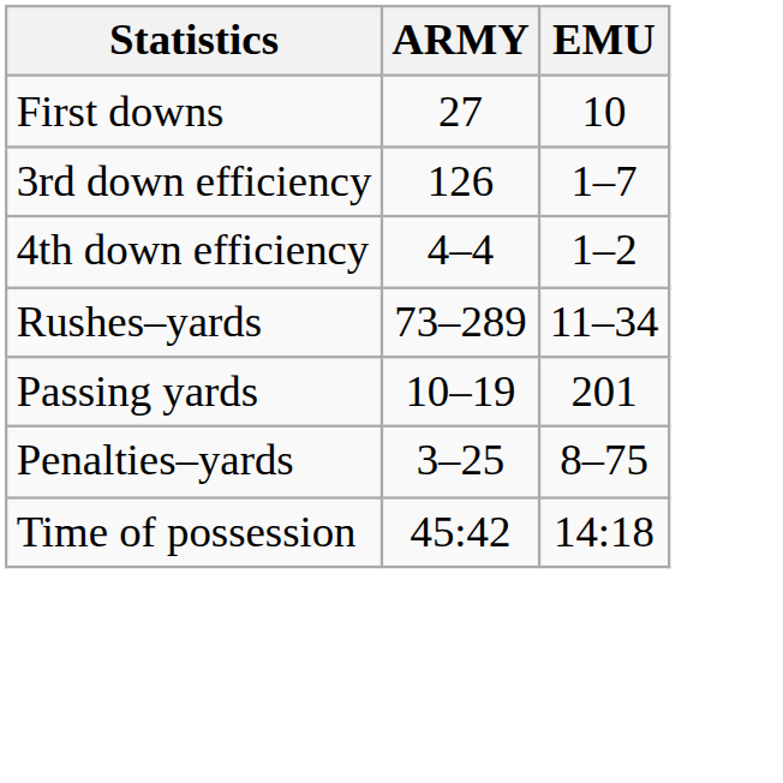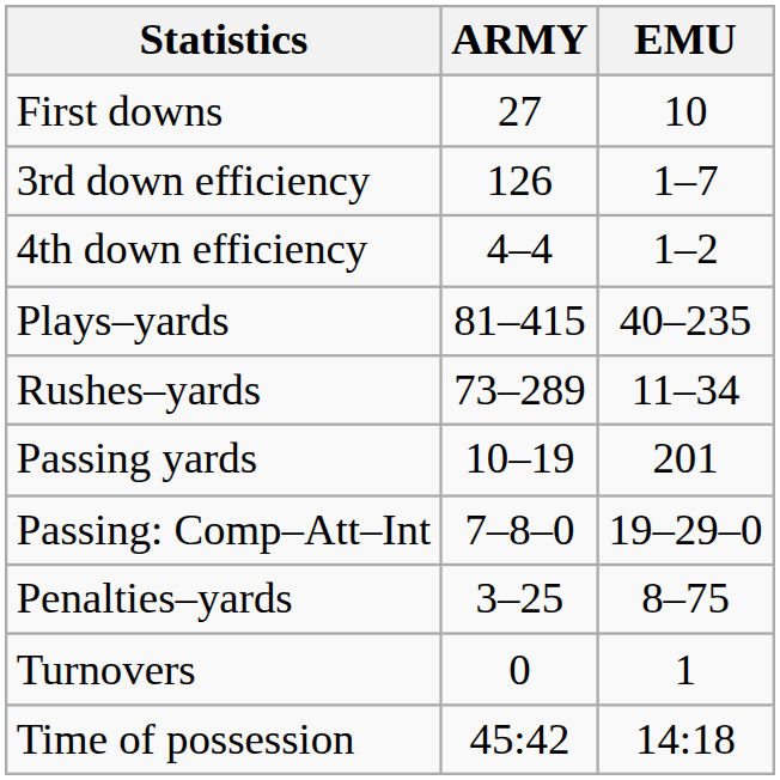 <table class="wikitable">
 <tr>
 <th>Statistics</th>
 <th>ARMY</th>
 <th>EMU</th>
 </tr>
 <tr>
 <td>First downs</td>
 <td align=center>27</td>
 <td align=center>10</td>
 </tr>
 <tr>
 <td>3rd down efficiency</td>
 <td align=center>126</td>
 <td align=center>1–7</td>
 </tr>
 <tr>
 <td>4th down efficiency</td>
 <td align=center>4–4</td>
 <td align=center>1–2</td>
 </tr>
 <tr>
+<td>Plays–yards</td>
+<td align=center>81–415</td>
+<td align=center>40–235</td>
+</tr>
+<tr>
 <td>Rushes–yards</td>
 <td align=center>73–289</td>
 <td align=center>11–34</td>
 </tr>
 <tr>
 <td>Passing yards</td>
 <td align=center>10–19</td>
 <td align=center>201</td>
 </tr>
 <tr>
+<td>Passing: Comp–Att–Int</td>
+<td align=center>7–8–0</td>
+<td align=center>19–29–0</td>
+</tr>
+<tr>
 <td>Penalties–yards</td>
 <td align=center>3–25</td>
 <td align=center>8–75</td>
+</tr>
+<tr>
+<td>Turnovers</td>
+<td align=center>0</td>
+<td align=center>1</td>
 </tr>
 <tr>
 <td>Time of possession</td>
 <td align=center>45:42</td>
 <td align=center>14:18</td>
 </tr>
 </table>
